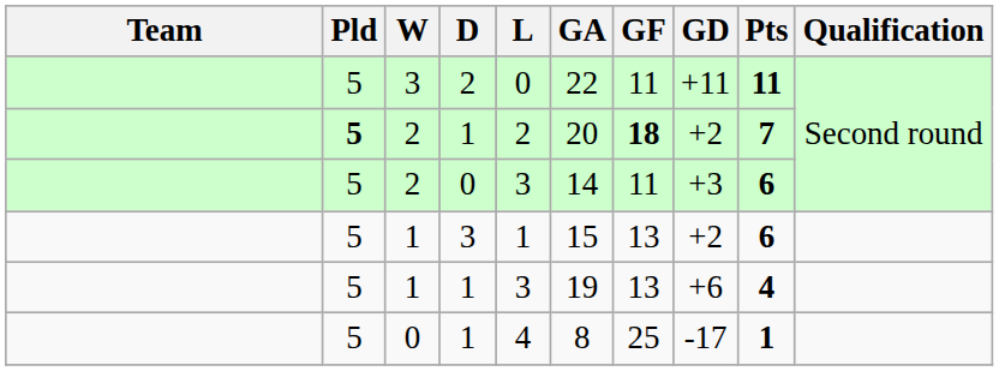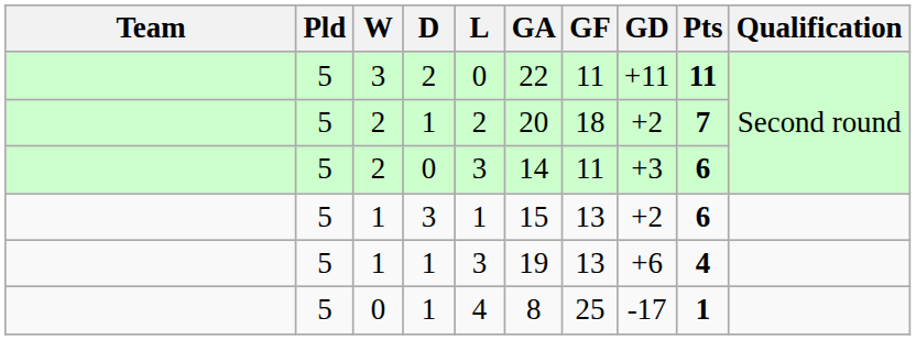 <table class="wikitable" style+"text-align:center;">
 <tr>
 <th width=150>Team</th>
 <th width=20>Pld</th>
 <th width=20>W</th>
 <th width=20>D</th>
 <th width=20>L</th>
 <th width=20>GA</th>
 <th width=20>GF</th>
 <th width=20>GD</th>
 <th width=20>Pts</th>
 <th>Qualification</th>
 </tr>
 <tr align=center bgcolor=ccffcc>
 <td align="left"></td>
 <td>5</td>
 <td>3</td>
 <td>2</td>
 <td>0</td>
 <td>22</td>
 <td>11</td>
 <td>+11</td>
 <td><strong>11</strong></td>
 <td rowspan=3>Second round</td>
 </tr>
 <tr align=center bgcolor=ccffcc>
 <td align="left"></td>
-<td><strong>5</strong></td>
+<td>5</td>
 <td>2</td>
 <td>1</td>
 <td>2</td>
 <td>20</td>
-<td><strong>18</strong></td>
+<td>18</td>
 <td>+2</td>
 <td><strong>7</strong></td>
 </tr>
 <tr align=center bgcolor=ccffcc>
 <td align="left"></td>
 <td>5</td>
 <td>2</td>
 <td>0</td>
 <td>3</td>
 <td>14</td>
 <td>11</td>
 <td>+3</td>
 <td><strong>6</strong></td>
 </tr>
 <tr align=center>
 <td align="left"></td>
 <td>5</td>
 <td>1</td>
 <td>3</td>
 <td>1</td>
 <td>15</td>
 <td>13</td>
 <td>+2</td>
 <td><strong>6</strong></td>
 <td></td>
 </tr>
 <tr align=center>
 <td align="left"></td>
 <td>5</td>
 <td>1</td>
 <td>1</td>
 <td>3</td>
 <td>19</td>
 <td>13</td>
 <td>+6</td>
 <td><strong>4</strong></td>
 <td></td>
 </tr>
 <tr align=center>
 <td align="left"></td>
 <td>5</td>
 <td>0</td>
 <td>1</td>
 <td>4</td>
 <td>8</td>
 <td>25</td>
 <td>-17</td>
 <td><strong>1</strong></td>
 <td></td>
 </tr>
 </table>
